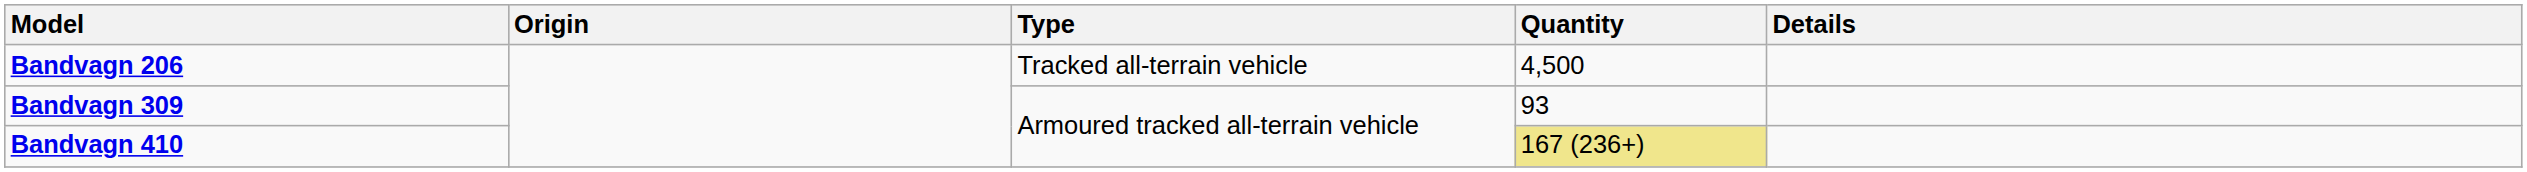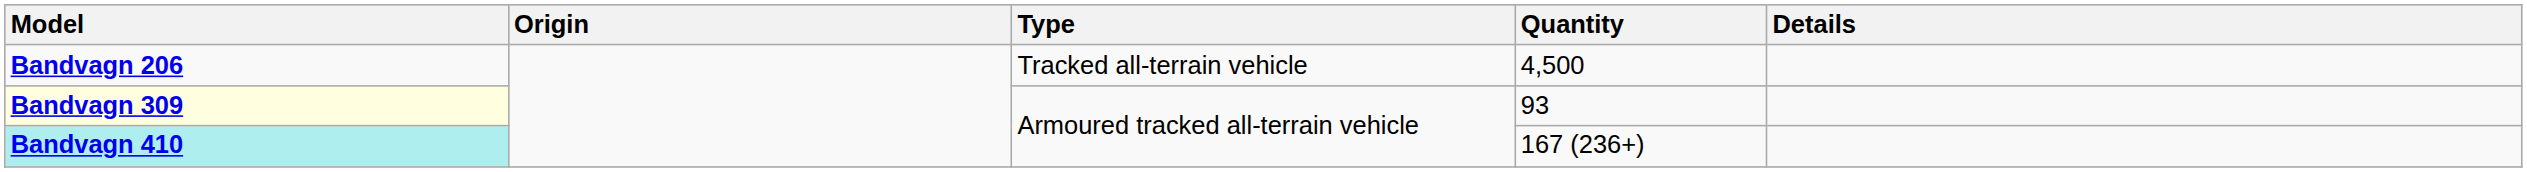 <table class="wikitable" style="width:100%;">
 <tr>
 <th style="text-align:left;width:20%;">Model</th>
 <th style="text-align:left;width:20%;">Origin</th>
 <th style="text-align:left;width:20%;">Type</th>
 <th style="text-align:left;width:10%;">Quantity</th>
 <th style="text-align:left;width:30%;">Details</th>
 </tr>
 <tr>
 <td><strong><a href='#'>Band­vagn 206</a></strong></td>
 <td rowspan="3"></td>
 <td>Tracked all-terrain vehicle</td>
 <td>4,500</td>
 <td></td>
 </tr>
 <tr>
-<td><a href='#'><strong>Band­vagn 309</strong></a></td>
+<td style="background: lightyellow;"><a href='#'><strong>Band­vagn 309</strong></a></td>
 <td rowspan="2">Armoured tracked all-terrain vehicle</td>
 <td>93</td>
 <td></td>
 </tr>
 <tr>
-<td><strong><a href='#'>Band­vagn 410</a></strong></td>
-<td style="background: khaki;">167 (236+)</td>
+<td style="background: paleturquoise;"><strong><a href='#'>Band­vagn 410</a></strong></td>
+<td>167 (236+)</td>
 <td></td>
 </tr>
 </table>
